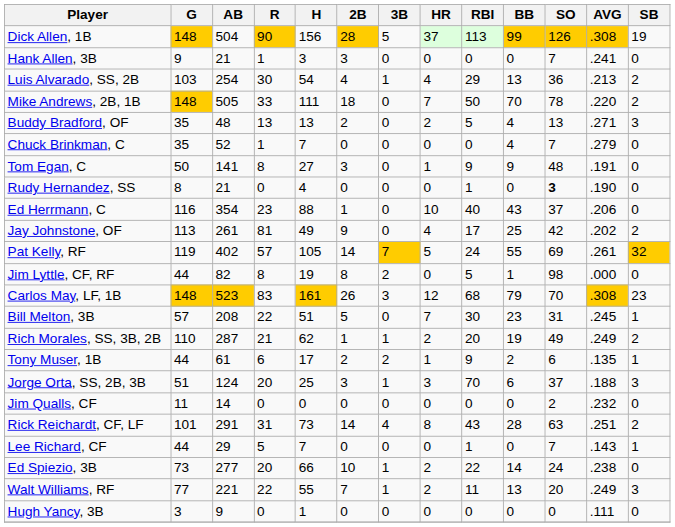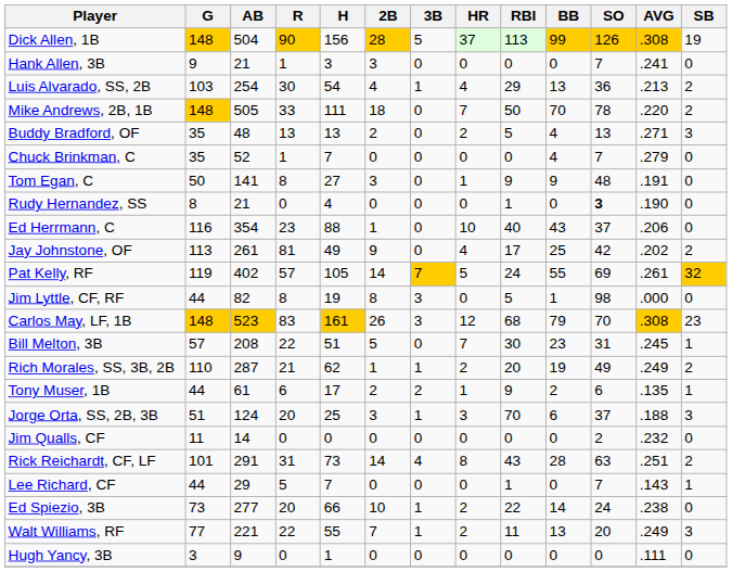 <table class="wikitable sortable">
 <tr>
 <th width="24%">Player</th>
 <th width="6%">G</th>
 <th width="6%">AB</th>
 <th width="6%">R</th>
 <th width="6%">H</th>
 <th width="6%">2B</th>
 <th width="6%">3B</th>
 <th width="6%">HR</th>
 <th width="6%">RBI</th>
 <th width="6%">BB</th>
 <th width="6%">SO</th>
 <th width="6%">AVG</th>
 <th width="6%">SB</th>
 </tr>
 <tr>
 <td><a href='#'>Dick Allen</a>, 1B</td>
 <td style="background:#fc0;">148</td>
 <td>504</td>
 <td style="background:#fc0;">90</td>
 <td>156</td>
 <td style="background:#fc0;">28</td>
 <td>5</td>
 <td style="background:#DDFFDD;">37</td>
 <td style="background:#DDFFDD;">113</td>
 <td style="background:#fc0;">99</td>
 <td style="background:#fc0;">126</td>
 <td style="background:#fc0;">.308</td>
 <td>19</td>
 </tr>
 <tr>
 <td><a href='#'>Hank Allen</a>, 3B</td>
 <td>9</td>
 <td>21</td>
 <td>1</td>
 <td>3</td>
 <td>3</td>
 <td>0</td>
 <td>0</td>
 <td>0</td>
 <td>0</td>
 <td>7</td>
 <td>.241</td>
 <td>0</td>
 </tr>
 <tr>
 <td><a href='#'>Luis Alvarado</a>, SS, 2B</td>
 <td>103</td>
 <td>254</td>
 <td>30</td>
 <td>54</td>
 <td>4</td>
 <td>1</td>
 <td>4</td>
 <td>29</td>
 <td>13</td>
 <td>36</td>
 <td>.213</td>
 <td>2</td>
 </tr>
 <tr>
 <td><a href='#'>Mike Andrews</a>, 2B, 1B</td>
 <td style="background:#fc0;">148</td>
 <td>505</td>
 <td>33</td>
 <td>111</td>
 <td>18</td>
 <td>0</td>
 <td>7</td>
 <td>50</td>
 <td>70</td>
 <td>78</td>
 <td>.220</td>
 <td>2</td>
 </tr>
 <tr>
 <td><a href='#'>Buddy Bradford</a>, OF</td>
 <td>35</td>
 <td>48</td>
 <td>13</td>
 <td>13</td>
 <td>2</td>
 <td>0</td>
 <td>2</td>
 <td>5</td>
 <td>4</td>
 <td>13</td>
 <td>.271</td>
 <td>3</td>
 </tr>
 <tr>
 <td><a href='#'>Chuck Brinkman</a>, C</td>
 <td>35</td>
 <td>52</td>
 <td>1</td>
 <td>7</td>
 <td>0</td>
 <td>0</td>
 <td>0</td>
 <td>0</td>
 <td>4</td>
 <td>7</td>
 <td>.279</td>
 <td>0</td>
 </tr>
 <tr>
 <td><a href='#'>Tom Egan</a>, C</td>
 <td>50</td>
 <td>141</td>
 <td>8</td>
 <td>27</td>
 <td>3</td>
 <td>0</td>
 <td>1</td>
 <td>9</td>
 <td>9</td>
 <td>48</td>
 <td>.191</td>
 <td>0</td>
 </tr>
 <tr>
 <td><a href='#'>Rudy Hernandez</a>, SS</td>
 <td>8</td>
 <td>21</td>
 <td>0</td>
 <td>4</td>
 <td>0</td>
 <td>0</td>
 <td>0</td>
 <td>1</td>
 <td>0</td>
 <td><strong>3</strong></td>
 <td>.190</td>
 <td>0</td>
 </tr>
 <tr>
 <td><a href='#'>Ed Herrmann</a>, C</td>
 <td>116</td>
 <td>354</td>
 <td>23</td>
 <td>88</td>
 <td>1</td>
 <td>0</td>
 <td>10</td>
 <td>40</td>
 <td>43</td>
 <td>37</td>
 <td>.206</td>
 <td>0</td>
 </tr>
 <tr>
 <td><a href='#'>Jay Johnstone</a>, OF</td>
 <td>113</td>
 <td>261</td>
 <td>81</td>
 <td>49</td>
 <td>9</td>
 <td>0</td>
 <td>4</td>
 <td>17</td>
 <td>25</td>
 <td>42</td>
 <td>.202</td>
 <td>2</td>
 </tr>
 <tr>
 <td><a href='#'>Pat Kelly</a>, RF</td>
 <td>119</td>
 <td>402</td>
 <td>57</td>
 <td>105</td>
 <td>14</td>
 <td style="background:#fc0;">7</td>
 <td>5</td>
 <td>24</td>
 <td>55</td>
 <td>69</td>
 <td>.261</td>
 <td style="background:#fc0;">32</td>
 </tr>
 <tr>
 <td><a href='#'>Jim Lyttle</a>, CF, RF</td>
 <td>44</td>
 <td>82</td>
 <td>8</td>
 <td>19</td>
 <td>8</td>
-<td>2</td>
+<td>3</td>
 <td>0</td>
 <td>5</td>
 <td>1</td>
 <td>98</td>
 <td>.000</td>
 <td>0</td>
 </tr>
 <tr>
 <td><a href='#'>Carlos May</a>, LF, 1B</td>
 <td style="background:#fc0;">148</td>
 <td style="background:#fc0;">523</td>
 <td>83</td>
 <td style="background:#fc0;">161</td>
 <td>26</td>
 <td>3</td>
 <td>12</td>
 <td>68</td>
 <td>79</td>
 <td>70</td>
 <td style="background:#fc0;">.308</td>
 <td>23</td>
 </tr>
 <tr>
 <td><a href='#'>Bill Melton</a>, 3B</td>
 <td>57</td>
 <td>208</td>
 <td>22</td>
 <td>51</td>
 <td>5</td>
 <td>0</td>
 <td>7</td>
 <td>30</td>
 <td>23</td>
 <td>31</td>
 <td>.245</td>
 <td>1</td>
 </tr>
 <tr>
 <td><a href='#'>Rich Morales</a>, SS, 3B, 2B</td>
 <td>110</td>
 <td>287</td>
 <td>21</td>
 <td>62</td>
 <td>1</td>
 <td>1</td>
 <td>2</td>
 <td>20</td>
 <td>19</td>
 <td>49</td>
 <td>.249</td>
 <td>2</td>
 </tr>
 <tr>
 <td><a href='#'>Tony Muser</a>, 1B</td>
 <td>44</td>
 <td>61</td>
 <td>6</td>
 <td>17</td>
 <td>2</td>
 <td>2</td>
 <td>1</td>
 <td>9</td>
 <td>2</td>
 <td>6</td>
 <td>.135</td>
 <td>1</td>
 </tr>
 <tr>
 <td><a href='#'>Jorge Orta</a>, SS, 2B, 3B</td>
 <td>51</td>
 <td>124</td>
 <td>20</td>
 <td>25</td>
 <td>3</td>
 <td>1</td>
 <td>3</td>
 <td>70</td>
 <td>6</td>
 <td>37</td>
 <td>.188</td>
 <td>3</td>
 </tr>
 <tr>
 <td><a href='#'>Jim Qualls</a>, CF</td>
 <td>11</td>
 <td>14</td>
 <td>0</td>
 <td>0</td>
 <td>0</td>
 <td>0</td>
 <td>0</td>
 <td>0</td>
 <td>0</td>
 <td>2</td>
 <td>.232</td>
 <td>0</td>
 </tr>
 <tr>
 <td><a href='#'>Rick Reichardt</a>, CF, LF</td>
 <td>101</td>
 <td>291</td>
 <td>31</td>
 <td>73</td>
 <td>14</td>
 <td>4</td>
 <td>8</td>
 <td>43</td>
 <td>28</td>
 <td>63</td>
 <td>.251</td>
 <td>2</td>
 </tr>
 <tr>
 <td><a href='#'>Lee Richard</a>, CF</td>
 <td>44</td>
 <td>29</td>
 <td>5</td>
 <td>7</td>
 <td>0</td>
 <td>0</td>
 <td>0</td>
 <td>1</td>
 <td>0</td>
 <td>7</td>
 <td>.143</td>
 <td>1</td>
 </tr>
 <tr>
 <td><a href='#'>Ed Spiezio</a>, 3B</td>
 <td>73</td>
 <td>277</td>
 <td>20</td>
 <td>66</td>
 <td>10</td>
 <td>1</td>
 <td>2</td>
 <td>22</td>
 <td>14</td>
 <td>24</td>
 <td>.238</td>
 <td>0</td>
 </tr>
 <tr>
 <td><a href='#'>Walt Williams</a>, RF</td>
 <td>77</td>
 <td>221</td>
 <td>22</td>
 <td>55</td>
 <td>7</td>
 <td>1</td>
 <td>2</td>
 <td>11</td>
 <td>13</td>
 <td>20</td>
 <td>.249</td>
 <td>3</td>
 </tr>
 <tr>
 <td><a href='#'>Hugh Yancy</a>, 3B</td>
 <td>3</td>
 <td>9</td>
 <td>0</td>
 <td>1</td>
 <td>0</td>
 <td>0</td>
 <td>0</td>
 <td>0</td>
 <td>0</td>
 <td>0</td>
 <td>.111</td>
 <td>0</td>
 </tr>
 <tr>
 </tr>
 </table>
